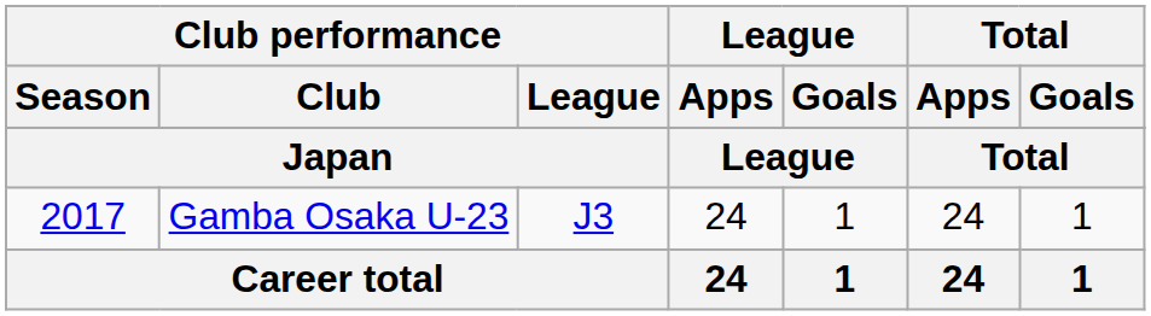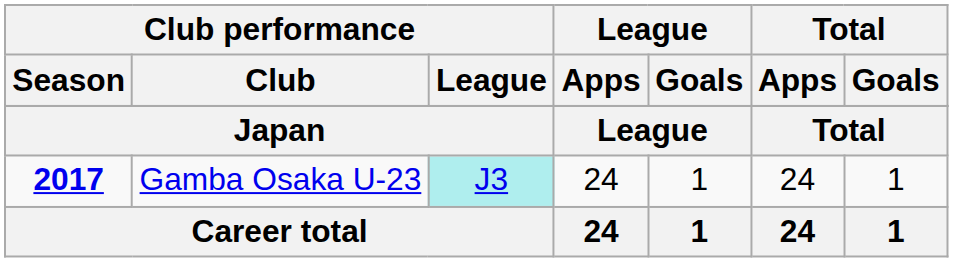 <table class="wikitable" style="text-align:center">
 <tr>
 <th colspan=3>Club performance</th>
 <th colspan=2>League</th>
 <th colspan=2>Total</th>
 </tr>
 <tr>
 <th>Season</th>
 <th>Club</th>
 <th>League</th>
 <th>Apps</th>
 <th>Goals</th>
 <th>Apps</th>
 <th>Goals</th>
 </tr>
 <tr>
 </tr>
 <tr>
 <th colspan=3>Japan</th>
 <th colspan=2>League</th>
 <th colspan=2>Total</th>
 </tr>
 <tr>
-<td><a href='#'>2017</a></td>
+<td><strong><a href='#'>2017</a></strong></td>
 <td><a href='#'>Gamba Osaka U-23</a></td>
-<td><a href='#'>J3</a></td>
+<td style="background: paleturquoise;"><a href='#'>J3</a></td>
 <td>24</td>
 <td>1</td>
 <td>24</td>
 <td>1</td>
 </tr>
 <tr>
 <th colspan=3>Career total</th>
 <th>24</th>
 <th>1</th>
 <th>24</th>
 <th>1</th>
 </tr>
 </table>
